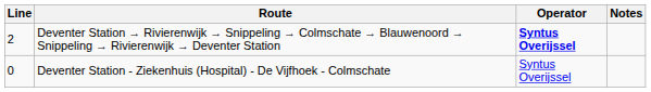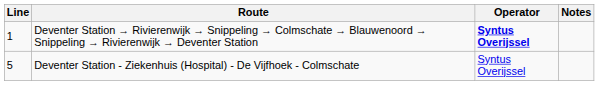 <table class="wikitable">
 <tr>
 <th>Line</th>
 <th>Route</th>
 <th>Operator</th>
 <th>Notes</th>
 </tr>
 <tr>
-<td>2</td>
+<td>1</td>
 <td>Deventer Station → Rivierenwijk → Snippeling → Colmschate → Blauwenoord → Snippeling → Rivierenwijk → Deventer Station</td>
 <td><strong><a href='#'>Syntus Overijssel</a></strong></td>
 <td></td>
 </tr>
 <tr>
-<td>0</td>
+<td>5</td>
 <td>Deventer Station - Ziekenhuis (Hospital) - De Vijfhoek - Colmschate</td>
 <td><a href='#'>Syntus Overijssel</a></td>
 <td></td>
 </tr>
 </table>
